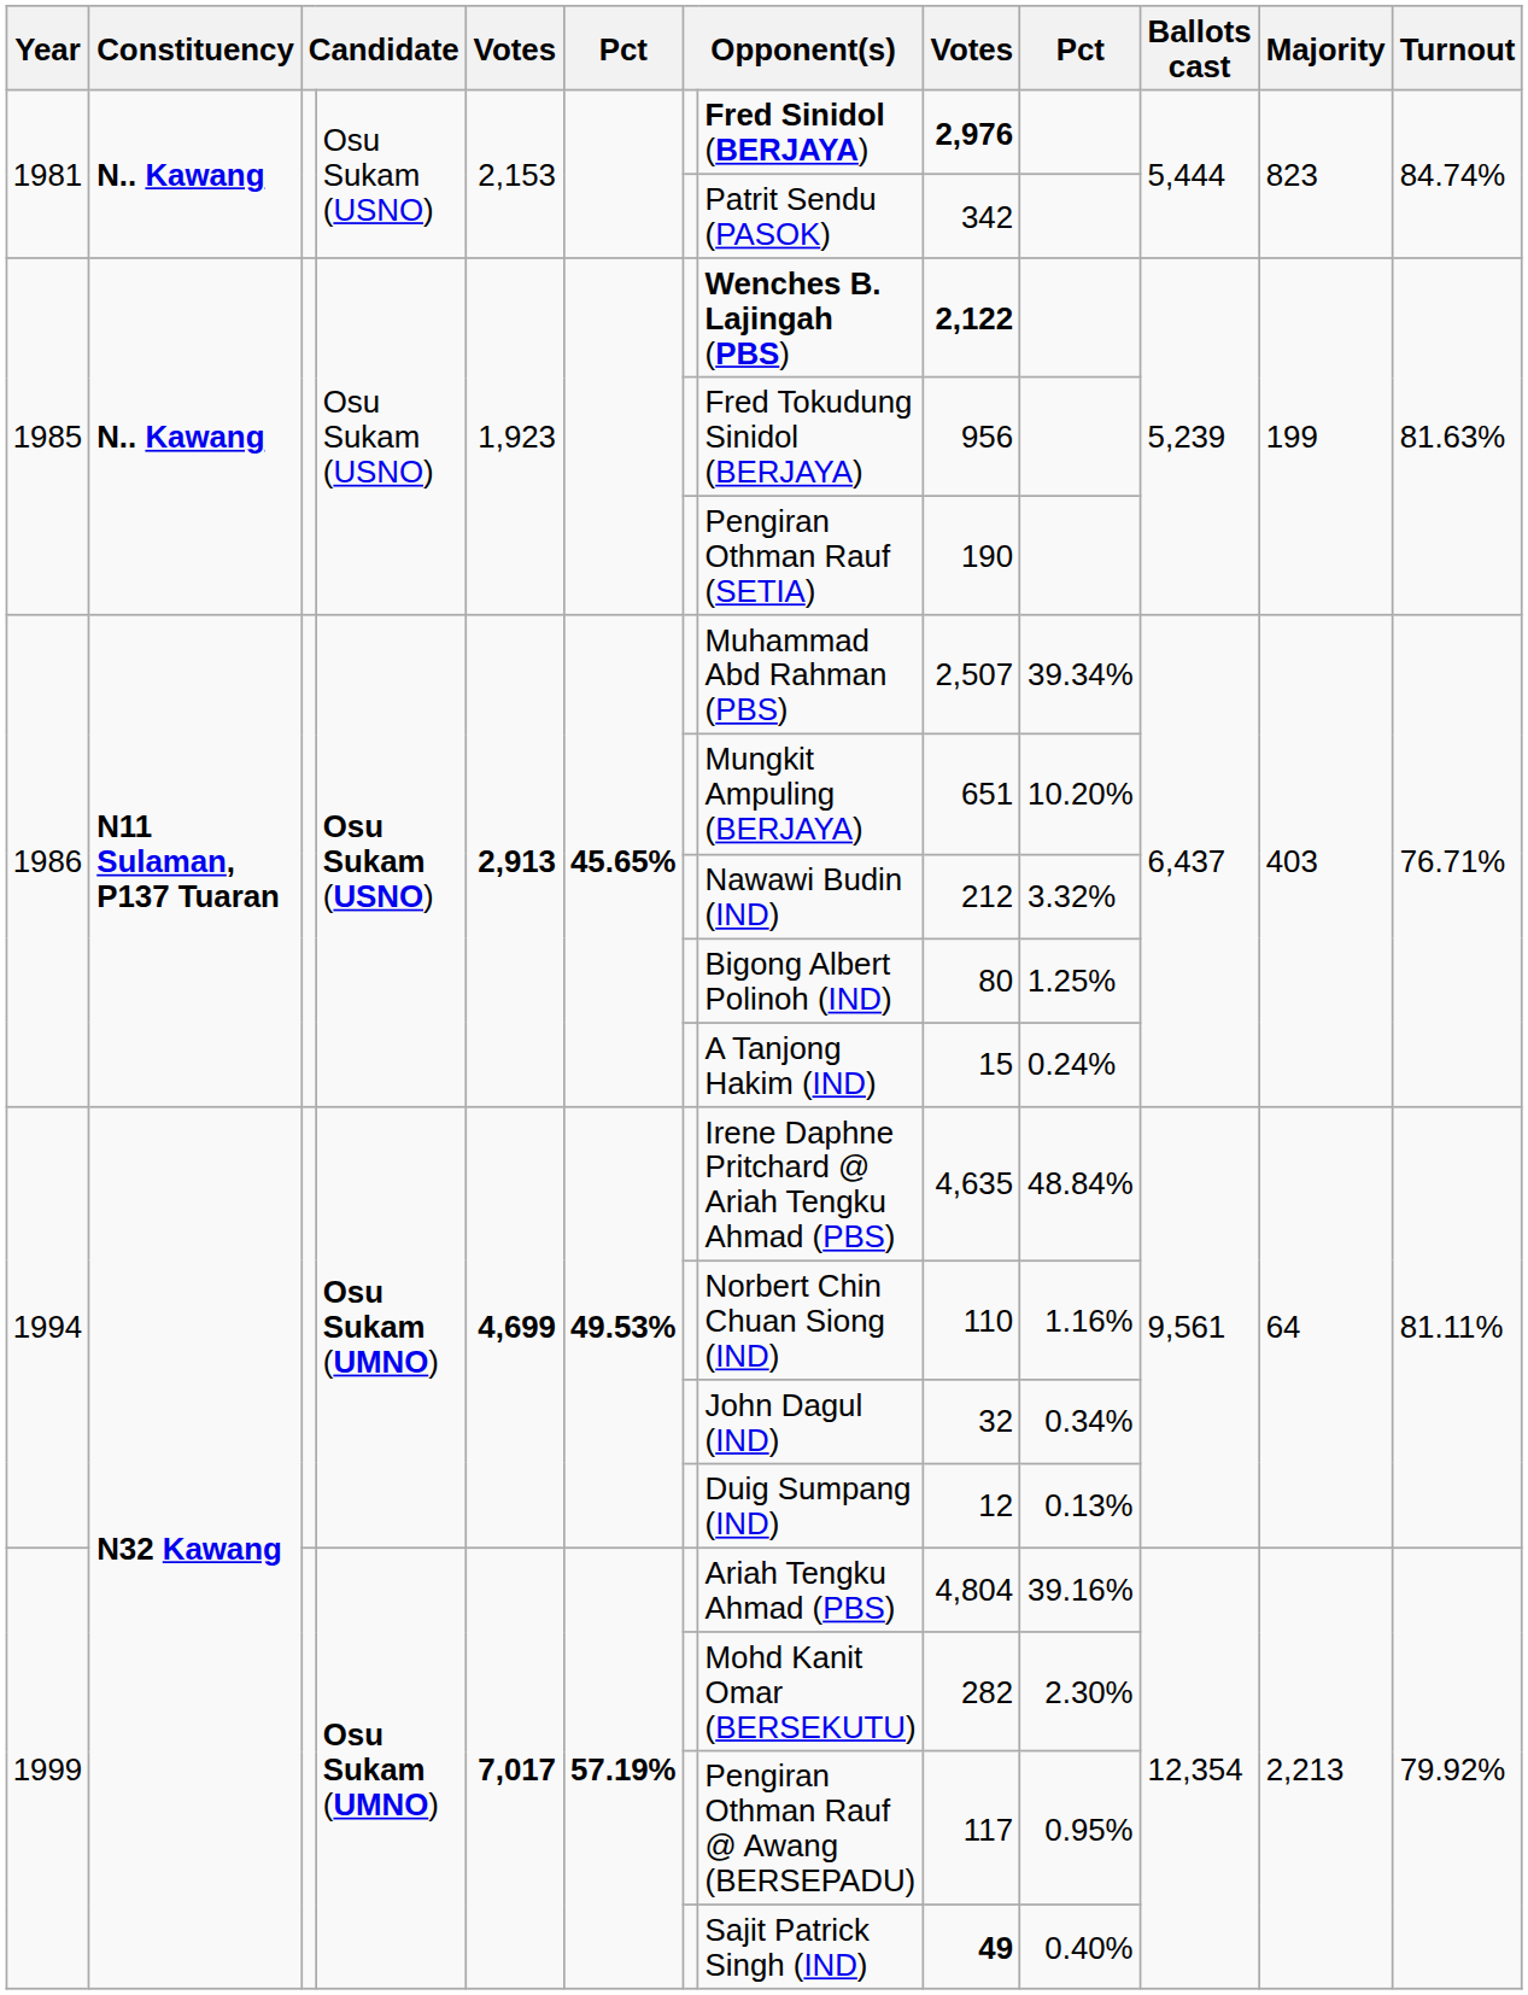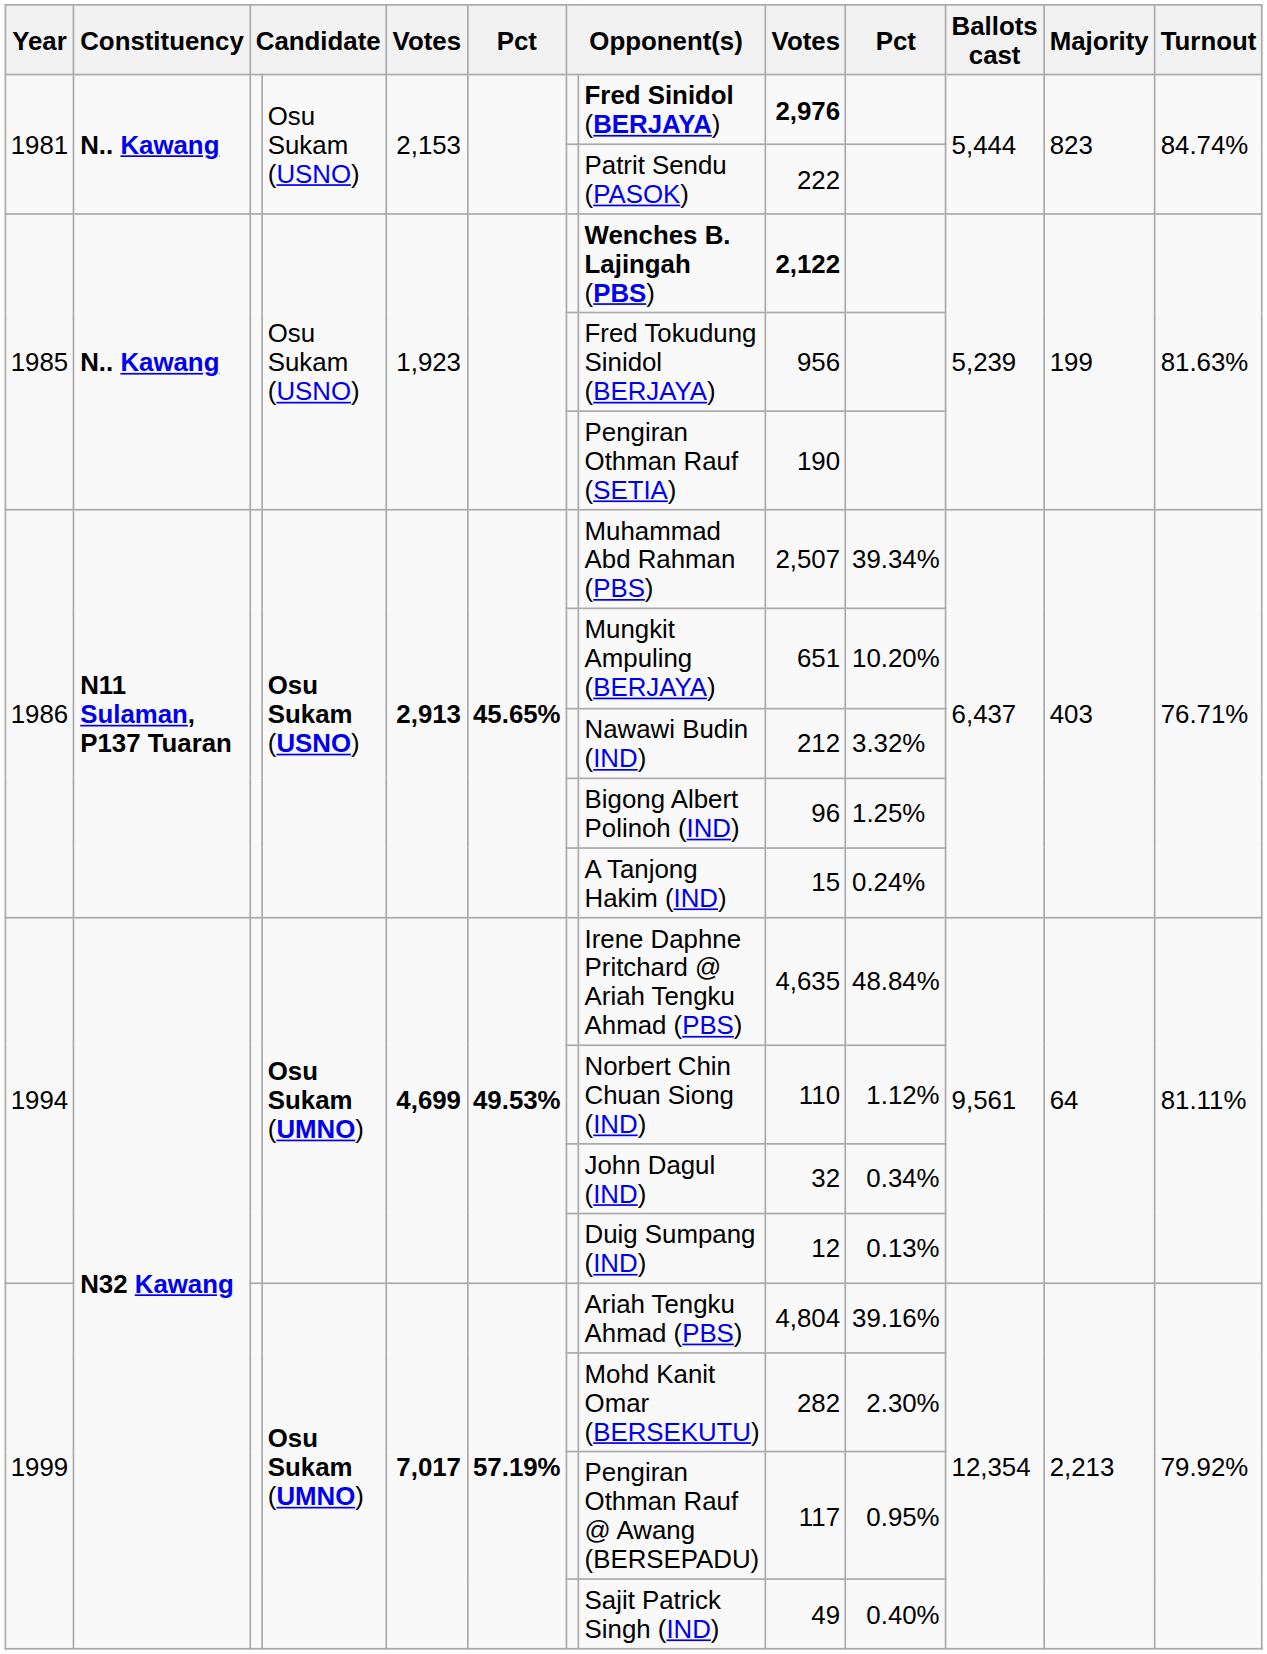 <table class="wikitable" style="margin:0.5em ; font-size:95%">
 <tr>
 <th>Year</th>
 <th>Constituency</th>
 <th colspan=2>Candidate</th>
 <th>Votes</th>
 <th>Pct</th>
 <th colspan=2>Opponent(s)</th>
 <th>Votes</th>
 <th>Pct</th>
 <th>Ballots cast</th>
 <th>Majority</th>
 <th>Turnout</th>
 </tr>
 <tr>
 <td rowspan="2">1981</td>
 <td rowspan="2"><strong>N.. <a href='#'>Kawang</a></strong></td>
 <td rowspan="2"></td>
 <td rowspan="2">Osu Sukam (<a href='#'>USNO</a>)</td>
 <td rowspan="2" align=right>2,153</td>
 <td rowspan="2"></td>
 <td></td>
 <td><strong>Fred Sinidol</strong> (<a href='#'><strong>BERJAYA</strong></a>)</td>
 <td align=right><strong>2,976</strong></td>
 <td></td>
 <td rowspan="2">5,444</td>
 <td rowspan="2">823</td>
 <td rowspan="2">84.74%</td>
 </tr>
 <tr>
 <td></td>
 <td>Patrit Sendu (<a href='#'>PASOK</a>)</td>
-<td align=right>342</td>
+<td align=right>222</td>
 <td></td>
 </tr>
 <tr>
 <td rowspan="3">1985</td>
 <td rowspan="3"><strong>N.. <a href='#'>Kawang</a></strong></td>
 <td rowspan="3"></td>
 <td rowspan="3">Osu Sukam (<a href='#'>USNO</a>)</td>
 <td rowspan="3" align=right>1,923</td>
 <td rowspan="3"></td>
 <td></td>
 <td><strong>Wenches B. Lajingah</strong>  (<a href='#'><strong>PBS</strong></a>)</td>
 <td align=right><strong>2,122</strong></td>
 <td></td>
 <td rowspan="3">5,239</td>
 <td rowspan="3">199</td>
 <td rowspan="3">81.63%</td>
 </tr>
 <tr>
 <td></td>
 <td>Fred Tokudung Sinidol (<a href='#'>BERJAYA</a>)</td>
 <td align=right>956</td>
 <td></td>
 </tr>
 <tr>
 <td></td>
 <td>Pengiran Othman Rauf (<a href='#'>SETIA</a>)</td>
 <td align=right>190</td>
 <td></td>
 </tr>
 <tr>
 <td rowspan=5>1986</td>
 <td rowspan=5><strong>N11 <a href='#'>Sulaman</a>, P137 Tuaran</strong></td>
 <td rowspan=5></td>
 <td rowspan=5><strong>Osu Sukam</strong> (<a href='#'><strong>USNO</strong></a>)</td>
 <td rowspan=5 align="right"><strong>2,913</strong></td>
 <td rowspan=5><strong>45.65%</strong></td>
 <td></td>
 <td>Muhammad Abd Rahman (<a href='#'>PBS</a>)</td>
 <td align="right">2,507</td>
 <td>39.34%</td>
 <td rowspan=5>6,437</td>
 <td rowspan=5>403</td>
 <td rowspan=5>76.71%</td>
 </tr>
 <tr>
 <td></td>
 <td>Mungkit Ampuling (<a href='#'>BERJAYA</a>)</td>
 <td align="right">651</td>
 <td>10.20%</td>
 </tr>
 <tr>
 <td></td>
 <td>Nawawi Budin (<a href='#'>IND</a>)</td>
 <td align="right">212</td>
 <td>3.32%</td>
 </tr>
 <tr>
 <td></td>
 <td>Bigong Albert Polinoh (<a href='#'>IND</a>)</td>
-<td align="right">80</td>
+<td align="right">96</td>
 <td>1.25%</td>
 </tr>
 <tr>
 <td></td>
 <td>A Tanjong Hakim (<a href='#'>IND</a>)</td>
 <td align="right">15</td>
 <td>0.24%</td>
 </tr>
 <tr>
 <td rowspan=4>1994</td>
 <td rowspan="8"><strong>N32 <a href='#'>Kawang</a></strong></td>
 <td rowspan=4 ></td>
 <td rowspan=4><strong>Osu Sukam</strong> (<a href='#'><strong>UMNO</strong></a>)</td>
 <td rowspan=4 align="right"><strong>4,699</strong></td>
 <td rowspan=4><strong>49.53%</strong></td>
 <td></td>
 <td>Irene Daphne Pritchard @ Ariah Tengku Ahmad (<a href='#'>PBS</a>)</td>
 <td align="right">4,635</td>
 <td>48.84%</td>
 <td rowspan=4>9,561</td>
 <td rowspan=4>64</td>
 <td rowspan=4>81.11%</td>
 </tr>
 <tr>
 <td></td>
 <td>Norbert Chin Chuan Siong (<a href='#'>IND</a>)</td>
 <td align="right">110</td>
-<td align=right>1.16%</td>
+<td align=right>1.12%</td>
 </tr>
 <tr>
 <td></td>
 <td>John Dagul (<a href='#'>IND</a>)</td>
 <td align="right">32</td>
 <td align=right>0.34%</td>
 </tr>
 <tr>
 <td></td>
 <td>Duig Sumpang (<a href='#'>IND</a>)</td>
 <td align="right">12</td>
 <td align=right>0.13%</td>
 </tr>
 <tr>
 <td rowspan=4>1999</td>
 <td rowspan=4 ></td>
 <td rowspan=4><strong>Osu Sukam</strong> (<a href='#'><strong>UMNO</strong></a>)</td>
 <td rowspan=4 align="right"><strong>7,017</strong></td>
 <td rowspan=4><strong>57.19%</strong></td>
 <td></td>
 <td>Ariah Tengku Ahmad (<a href='#'>PBS</a>)</td>
 <td align="right">4,804</td>
 <td>39.16%</td>
 <td rowspan=4>12,354</td>
 <td rowspan=4>2,213</td>
 <td rowspan=4>79.92%</td>
 </tr>
 <tr>
 <td></td>
 <td>Mohd Kanit Omar (<a href='#'>BERSEKUTU</a>)</td>
 <td align="right">282</td>
 <td align=right>2.30%</td>
 </tr>
 <tr>
 <td></td>
 <td>Pengiran Othman Rauf @ Awang (BERSEPADU)</td>
 <td align="right">117</td>
 <td align=right>0.95%</td>
 </tr>
 <tr>
 <td></td>
 <td>Sajit Patrick Singh (<a href='#'>IND</a>)</td>
-<td align="right"><strong>49</strong></td>
+<td align="right">49</td>
 <td align=right>0.40%</td>
 </tr>
 </table>
